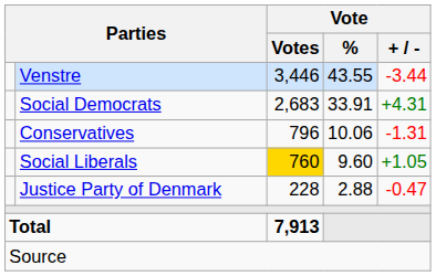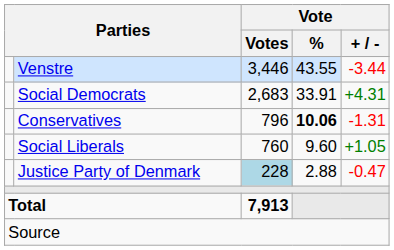 <table class="wikitable" style="text-align:right;">
 <tr>
 <th style="text-align:centre;" rowspan="2" colspan="2" width="225">Parties</th>
 <th colspan="3">Vote</th>
 </tr>
 <tr>
 <th width="15">Votes</th>
 <th width="15">%</th>
 <th width="15">+ / -</th>
 </tr>
 <tr>
 <td width="2" style="color:inherit;background:"></td>
 <td bgcolor=#cfe5fe  align="left"><a href='#'>Venstre</a></td>
 <td bgcolor=#cfe5fe>3,446</td>
 <td bgcolor=#cfe5fe>43.55</td>
 <td style=color:red;>-3.44</td>
 </tr>
 <tr>
 <td width="2" style="color:inherit;background:"></td>
 <td align="left"><a href='#'>Social Democrats</a></td>
 <td>2,683</td>
 <td>33.91</td>
 <td style=color:green;>+4.31</td>
 </tr>
 <tr>
 <td width="2" style="color:inherit;background:"></td>
 <td align="left"><a href='#'>Conservatives</a></td>
 <td>796</td>
-<td>10.06</td>
+<td><strong>10.06</strong></td>
 <td style=color:red;>-1.31</td>
 </tr>
 <tr>
 <td width="2" style="color:inherit;background:"></td>
 <td align="left"><a href='#'>Social Liberals</a></td>
-<td style="background: gold;">760</td>
+<td>760</td>
 <td>9.60</td>
 <td style=color:green;>+1.05</td>
 </tr>
 <tr>
 <td width="2" style="color:inherit;background:"></td>
 <td align="left"><a href='#'>Justice Party of Denmark</a></td>
-<td>228</td>
+<td style="background: lightblue;">228</td>
 <td>2.88</td>
 <td style=color:red;>-0.47</td>
 </tr>
 <tr>
 <td colspan="7" bgcolor="#E9E9E9"></td>
 </tr>
 <tr>
 <td align="left" colspan="2"><strong>Total</strong></td>
 <td><strong>7,913</strong></td>
 <td bgcolor="#E9E9E9" colspan="2"></td>
 </tr>
 <tr>
 <td align="left" colspan="6">Source</td>
 </tr>
 </table>
